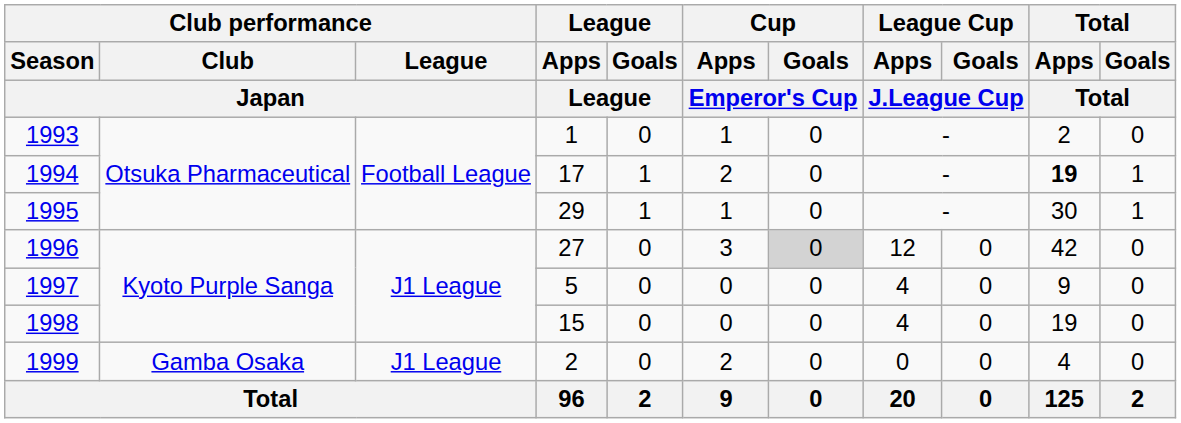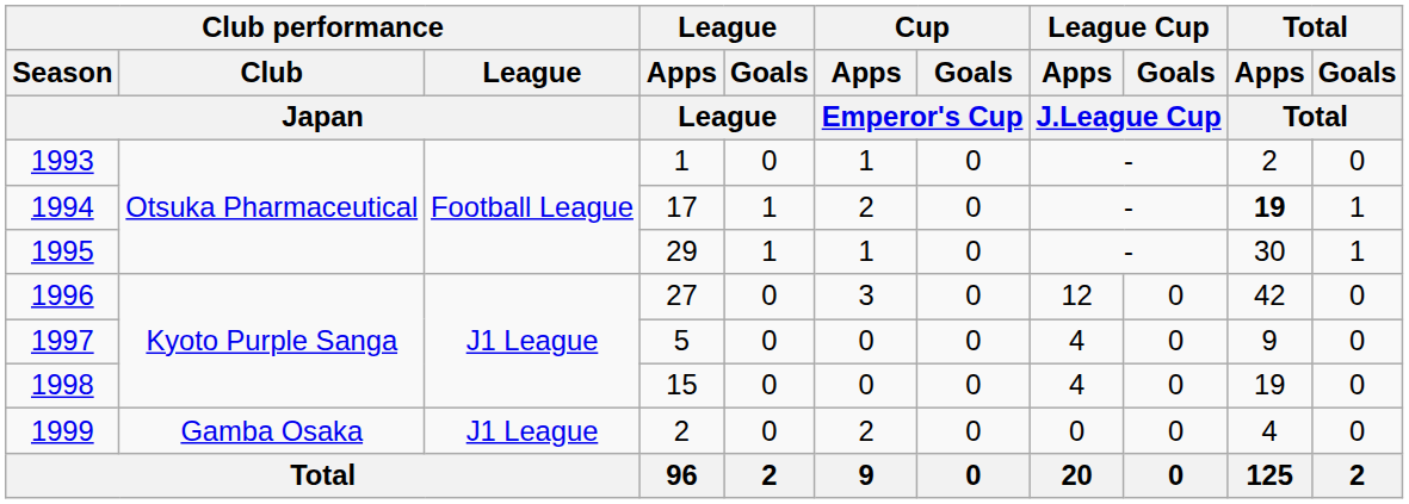 <table class="wikitable" style="text-align:center;">
 <tr>
 <th colspan=3>Club performance</th>
 <th colspan=2>League</th>
 <th colspan=2>Cup</th>
 <th colspan=2>League Cup</th>
 <th colspan=2>Total</th>
 </tr>
 <tr>
 <th>Season</th>
 <th>Club</th>
 <th>League</th>
 <th>Apps</th>
 <th>Goals</th>
 <th>Apps</th>
 <th>Goals</th>
 <th>Apps</th>
 <th>Goals</th>
 <th>Apps</th>
 <th>Goals</th>
 </tr>
 <tr>
 <th colspan=3>Japan</th>
 <th colspan=2>League</th>
 <th colspan=2><a href='#'>Emperor's Cup</a></th>
 <th colspan=2><a href='#'>J.League Cup</a></th>
 <th colspan=2>Total</th>
 </tr>
 <tr>
 <td><a href='#'>1993</a></td>
 <td rowspan="3"><a href='#'>Otsuka Pharmaceutical</a></td>
 <td rowspan="3"><a href='#'>Football League</a></td>
 <td>1</td>
 <td>0</td>
 <td>1</td>
 <td>0</td>
 <td colspan="2">-</td>
 <td>2</td>
 <td>0</td>
 </tr>
 <tr>
 <td><a href='#'>1994</a></td>
 <td>17</td>
 <td>1</td>
 <td>2</td>
 <td>0</td>
 <td colspan="2">-</td>
 <td><strong>19</strong></td>
 <td>1</td>
 </tr>
 <tr>
 <td><a href='#'>1995</a></td>
 <td>29</td>
 <td>1</td>
 <td>1</td>
 <td>0</td>
 <td colspan="2">-</td>
 <td>30</td>
 <td>1</td>
 </tr>
 <tr>
 <td><a href='#'>1996</a></td>
 <td rowspan="3"><a href='#'>Kyoto Purple Sanga</a></td>
 <td rowspan="3"><a href='#'>J1 League</a></td>
 <td>27</td>
 <td>0</td>
 <td>3</td>
-<td style="background: lightgrey;">0</td>
+<td>0</td>
 <td>12</td>
 <td>0</td>
 <td>42</td>
 <td>0</td>
 </tr>
 <tr>
 <td><a href='#'>1997</a></td>
 <td>5</td>
 <td>0</td>
 <td>0</td>
 <td>0</td>
 <td>4</td>
 <td>0</td>
 <td>9</td>
 <td>0</td>
 </tr>
 <tr>
 <td><a href='#'>1998</a></td>
 <td>15</td>
 <td>0</td>
 <td>0</td>
 <td>0</td>
 <td>4</td>
 <td>0</td>
 <td>19</td>
 <td>0</td>
 </tr>
 <tr>
 <td><a href='#'>1999</a></td>
 <td><a href='#'>Gamba Osaka</a></td>
 <td><a href='#'>J1 League</a></td>
 <td>2</td>
 <td>0</td>
 <td>2</td>
 <td>0</td>
 <td>0</td>
 <td>0</td>
 <td>4</td>
 <td>0</td>
 </tr>
 <tr>
 <th colspan=3>Total</th>
 <th>96</th>
 <th>2</th>
 <th>9</th>
 <th>0</th>
 <th>20</th>
 <th>0</th>
 <th>125</th>
 <th>2</th>
 </tr>
 </table>
